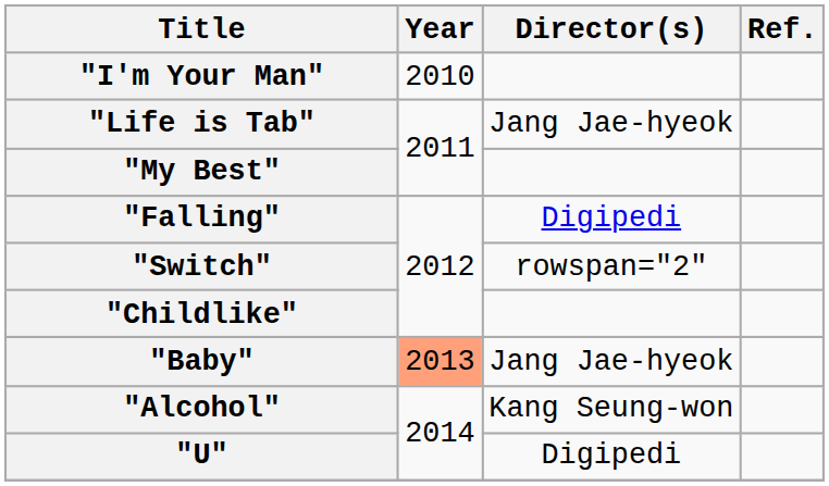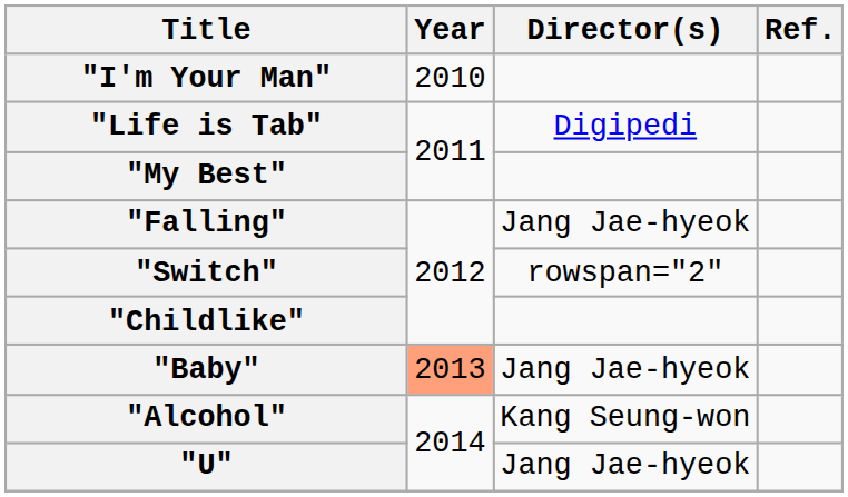 <table class="wikitable plainrowheaders" style="text-align:center;">
 <tr>
 <th scope="col" style="width:13em;">Title</th>
 <th scope="col">Year</th>
 <th scope="col">Director(s)</th>
 <th scope="col">Ref.</th>
 </tr>
 <tr>
 <th scope="row">"I'm Your Man"</th>
 <td>2010</td>
 <td></td>
 <td></td>
 </tr>
 <tr>
 <th scope="row">"Life is Tab"</th>
 <td rowspan="2">2011</td>
-<td>Jang Jae-hyeok</td>
+<td><a href='#'>Digipedi</a></td>
 <td></td>
 </tr>
 <tr>
 <th scope="row">"My Best"</th>
 <td></td>
 <td></td>
 </tr>
 <tr>
 <th scope="row">"Falling"</th>
 <td rowspan="3">2012</td>
-<td><a href='#'>Digipedi</a></td>
+<td>Jang Jae-hyeok</td>
 <td></td>
 </tr>
 <tr>
 <th scope="row">"Switch"</th>
 <td>rowspan="2" </td>
 <td></td>
 </tr>
 <tr>
 <th scope="row">"Childlike"</th>
 <td></td>
 </tr>
 <tr>
 <th scope="row">"Baby"</th>
 <td style="background: lightsalmon;">2013</td>
 <td>Jang Jae-hyeok</td>
 <td></td>
 </tr>
 <tr>
 <th scope="row">"Alcohol"</th>
 <td rowspan="2">2014</td>
 <td>Kang Seung-won</td>
 <td></td>
 </tr>
 <tr>
 <th scope="row">"U"</th>
-<td>Digipedi</td>
+<td>Jang Jae-hyeok</td>
 <td></td>
 </tr>
 <tr>
 </tr>
 </table>
